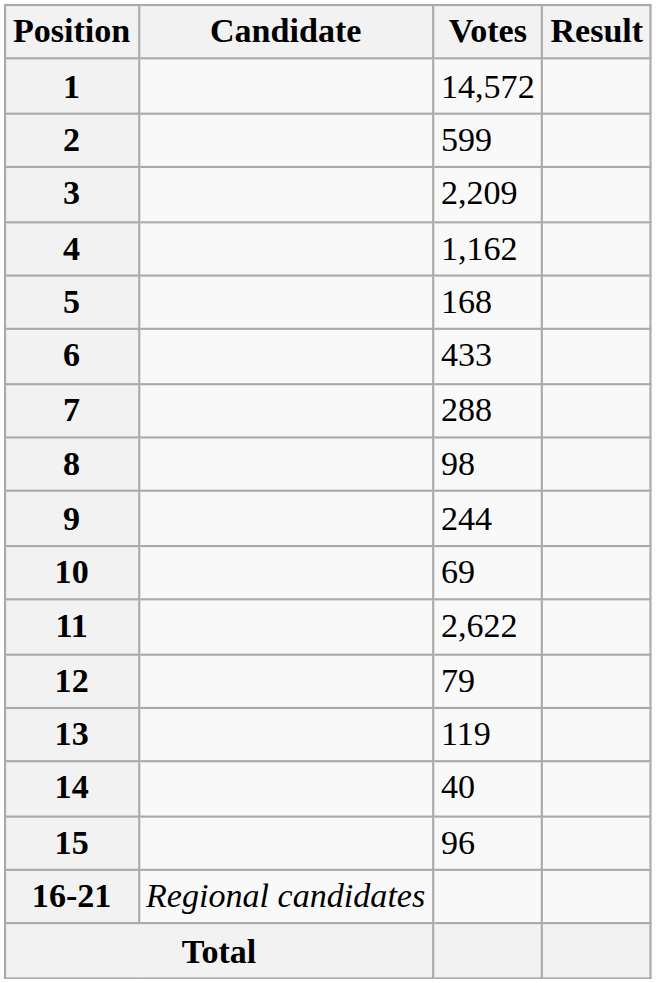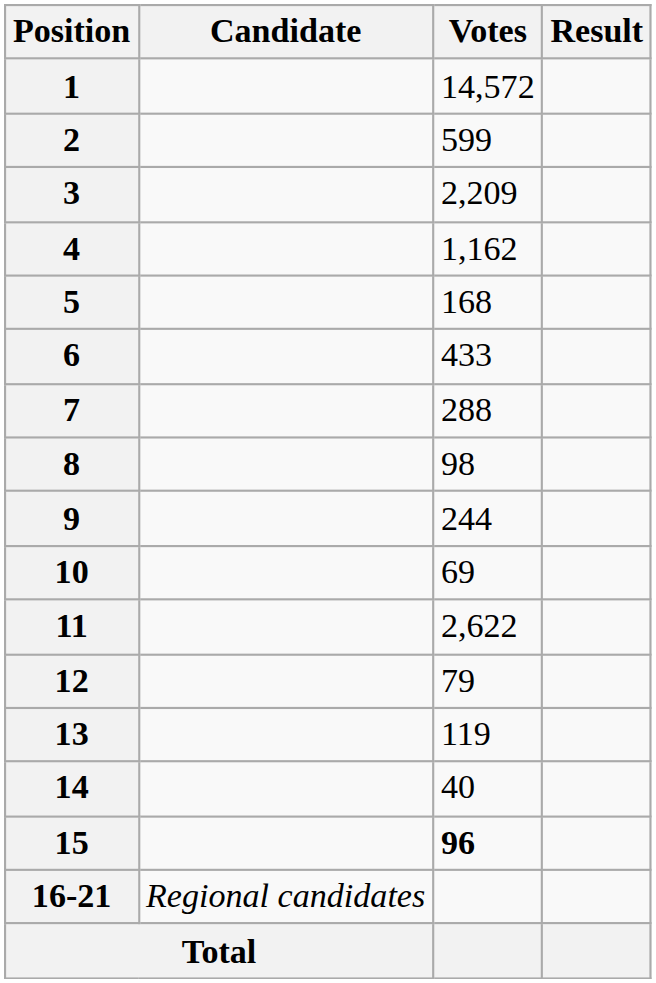 <table class="wikitable sortable col3right">
 <tr>
 <th scope="col">Position</th>
 <th scope="col">Candidate</th>
 <th scope="col">Votes</th>
 <th scope="col">Result</th>
 </tr>
 <tr>
 <th scope="row">1</th>
 <td></td>
 <td>14,572</td>
 <td></td>
 </tr>
 <tr>
 <th scope="row">2</th>
 <td></td>
 <td>599</td>
 <td></td>
 </tr>
 <tr>
 <th scope="row">3</th>
 <td></td>
 <td>2,209</td>
 <td></td>
 </tr>
 <tr>
 <th scope="row">4</th>
 <td></td>
 <td>1,162</td>
 <td></td>
 </tr>
 <tr>
 <th scope="row">5</th>
 <td></td>
 <td>168</td>
 <td></td>
 </tr>
 <tr>
 <th scope="row">6</th>
 <td></td>
 <td>433</td>
 <td></td>
 </tr>
 <tr>
 <th scope="row">7</th>
 <td></td>
 <td>288</td>
 <td></td>
 </tr>
 <tr>
 <th scope="row">8</th>
 <td></td>
 <td>98</td>
 <td></td>
 </tr>
 <tr>
 <th scope="row">9</th>
 <td></td>
 <td>244</td>
 <td></td>
 </tr>
 <tr>
 <th scope="row">10</th>
 <td></td>
 <td>69</td>
 <td></td>
 </tr>
 <tr>
 <th scope="row">11</th>
 <td></td>
 <td>2,622</td>
 <td></td>
 </tr>
 <tr>
 <th scope="row">12</th>
 <td></td>
 <td>79</td>
 <td></td>
 </tr>
 <tr>
 <th scope="row">13</th>
 <td></td>
 <td>119</td>
 <td></td>
 </tr>
 <tr>
 <th scope="row">14</th>
 <td></td>
 <td>40</td>
 <td></td>
 </tr>
 <tr>
 <th scope="row">15</th>
 <td></td>
-<td>96</td>
+<td><strong>96</strong></td>
 <td></td>
 </tr>
 <tr>
 <th scope="row">16-21</th>
 <td><em>Regional candidates</em></td>
 <td></td>
 <td></td>
 </tr>
 <tr class="sortbottom">
 <th scope="row" colspan="2">Total</th>
 <th></th>
 <th></th>
 </tr>
 </table>
